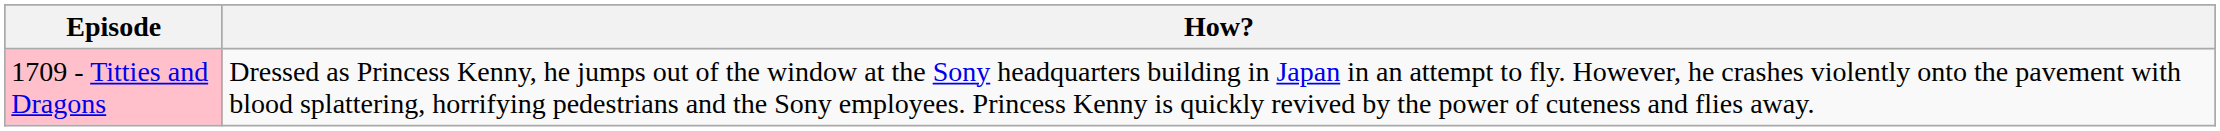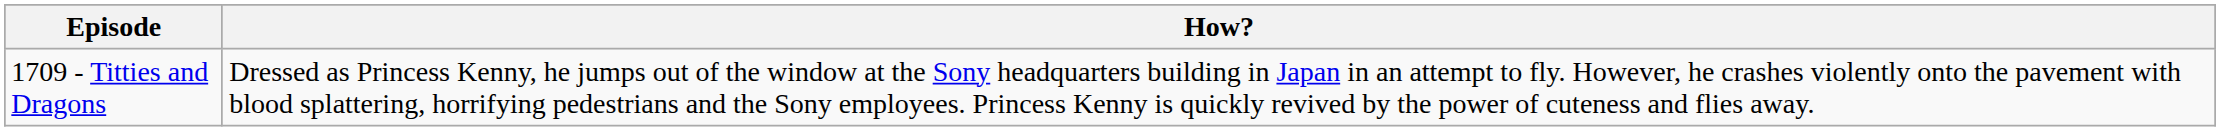 <table class="wikitable" width="100%">
 <tr>
 <th>Episode</th>
 <th>How?</th>
 </tr>
 <tr>
-<td style="background: pink;">1709 - <a href='#'>Titties and Dragons</a></td>
+<td>1709 - <a href='#'>Titties and Dragons</a></td>
 <td>Dressed as Princess Kenny, he jumps out of the window at the <a href='#'>Sony</a> headquarters building in <a href='#'>Japan</a> in an attempt to fly. However, he crashes violently onto the pavement with blood splattering, horrifying pedestrians and the Sony employees. Princess Kenny is quickly revived by the power of cuteness and flies away.</td>
 </tr>
 </table>
